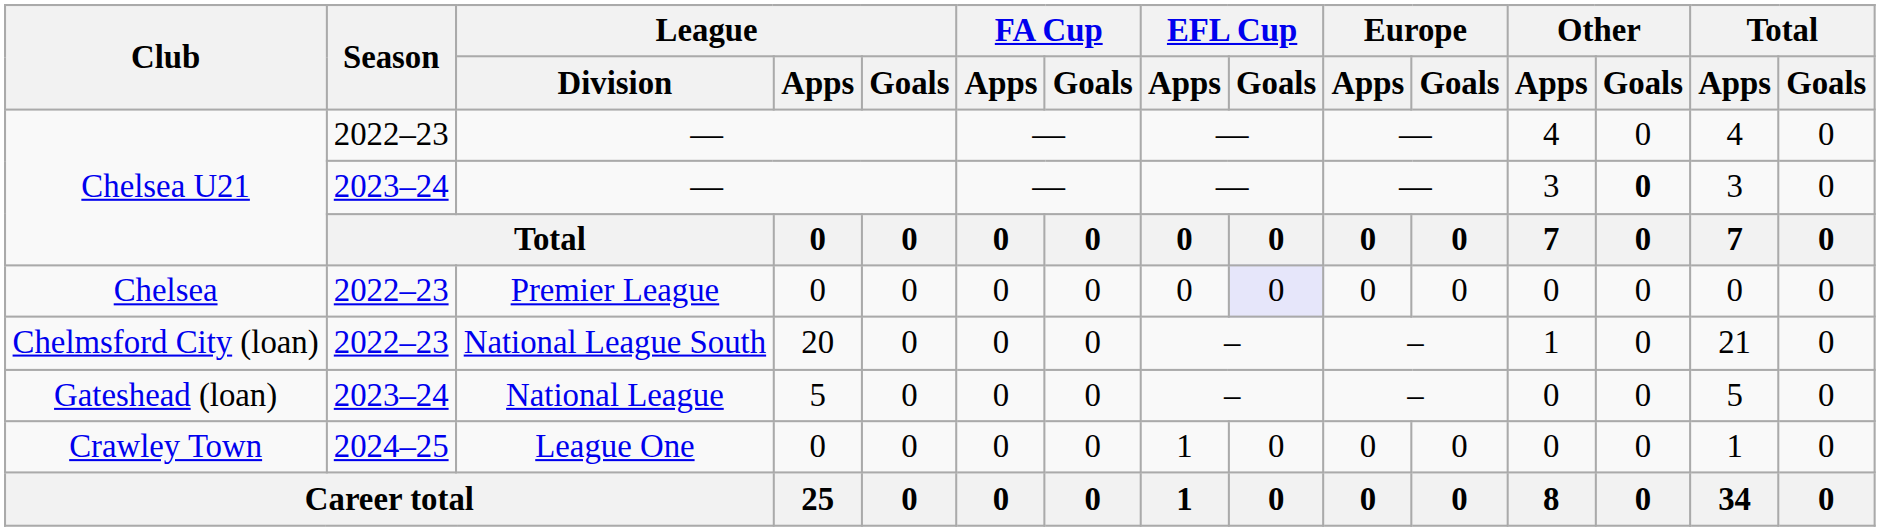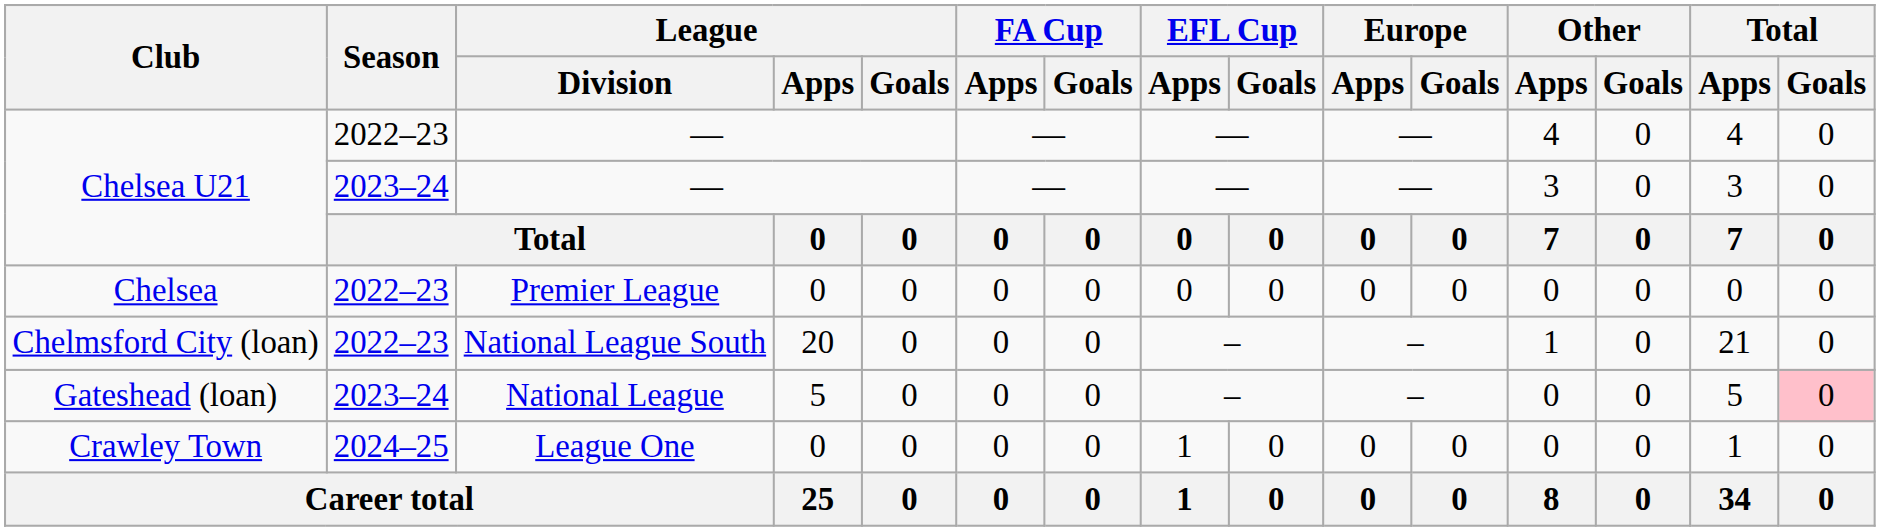 <table class="wikitable" style="text-align: center;">
 <tr>
 <th rowspan=2>Club</th>
 <th rowspan=2>Season</th>
 <th colspan=3>League</th>
 <th colspan=2><a href='#'>FA Cup</a></th>
 <th colspan=2><a href='#'>EFL Cup</a></th>
 <th colspan=2>Europe</th>
 <th colspan=2>Other</th>
 <th colspan=2>Total</th>
 </tr>
 <tr>
 <th>Division</th>
 <th>Apps</th>
 <th>Goals</th>
 <th>Apps</th>
 <th>Goals</th>
 <th>Apps</th>
 <th>Goals</th>
 <th>Apps</th>
 <th>Goals</th>
 <th>Apps</th>
 <th>Goals</th>
 <th>Apps</th>
 <th>Goals</th>
 </tr>
 <tr>
 <td rowspan="3"><a href='#'>Chelsea U21</a></td>
 <td>2022–23</td>
 <td colspan=3>—</td>
 <td colspan=2>—</td>
 <td colspan=2>—</td>
 <td colspan=2>—</td>
 <td>4</td>
 <td>0</td>
 <td>4</td>
 <td>0</td>
 </tr>
 <tr>
 <td><a href='#'>2023–24</a></td>
 <td colspan=3>—</td>
 <td colspan=2>—</td>
 <td colspan=2>—</td>
 <td colspan=2>—</td>
 <td>3</td>
-<td><strong>0</strong></td>
+<td>0</td>
 <td>3</td>
 <td>0</td>
 </tr>
 <tr>
 <th colspan=2>Total</th>
 <th>0</th>
 <th>0</th>
 <th>0</th>
 <th>0</th>
 <th>0</th>
 <th>0</th>
 <th>0</th>
 <th>0</th>
 <th>7</th>
 <th>0</th>
 <th>7</th>
 <th>0</th>
 </tr>
 <tr>
 <td><a href='#'>Chelsea</a></td>
 <td><a href='#'>2022–23</a></td>
 <td><a href='#'>Premier League</a></td>
 <td>0</td>
 <td>0</td>
 <td>0</td>
 <td>0</td>
 <td>0</td>
-<td style="background: lavender;">0</td>
+<td>0</td>
 <td>0</td>
 <td>0</td>
 <td>0</td>
 <td>0</td>
 <td>0</td>
 <td>0</td>
 </tr>
 <tr>
 <td><a href='#'>Chelmsford City</a> (loan)</td>
 <td><a href='#'>2022–23</a></td>
 <td><a href='#'>National League South</a></td>
 <td>20</td>
 <td>0</td>
 <td>0</td>
 <td>0</td>
 <td colspan=2>–</td>
 <td colspan=2>–</td>
 <td>1</td>
 <td>0</td>
 <td>21</td>
 <td>0</td>
 </tr>
 <tr>
 <td><a href='#'>Gateshead</a> (loan)</td>
 <td><a href='#'>2023–24</a></td>
 <td><a href='#'>National League</a></td>
 <td>5</td>
 <td>0</td>
 <td>0</td>
 <td>0</td>
 <td colspan=2>–</td>
 <td colspan=2>–</td>
 <td>0</td>
 <td>0</td>
 <td>5</td>
-<td>0</td>
+<td style="background: pink;">0</td>
 </tr>
 <tr>
 <td><a href='#'>Crawley Town</a></td>
 <td><a href='#'>2024–25</a></td>
 <td><a href='#'>League One</a></td>
 <td>0</td>
 <td>0</td>
 <td>0</td>
 <td>0</td>
 <td>1</td>
 <td>0</td>
 <td>0</td>
 <td>0</td>
 <td>0</td>
 <td>0</td>
 <td>1</td>
 <td>0</td>
 </tr>
 <tr>
 <th colspan=3>Career total</th>
 <th>25</th>
 <th>0</th>
 <th>0</th>
 <th>0</th>
 <th>1</th>
 <th>0</th>
 <th>0</th>
 <th>0</th>
 <th>8</th>
 <th>0</th>
 <th>34</th>
 <th>0</th>
 </tr>
 </table>
